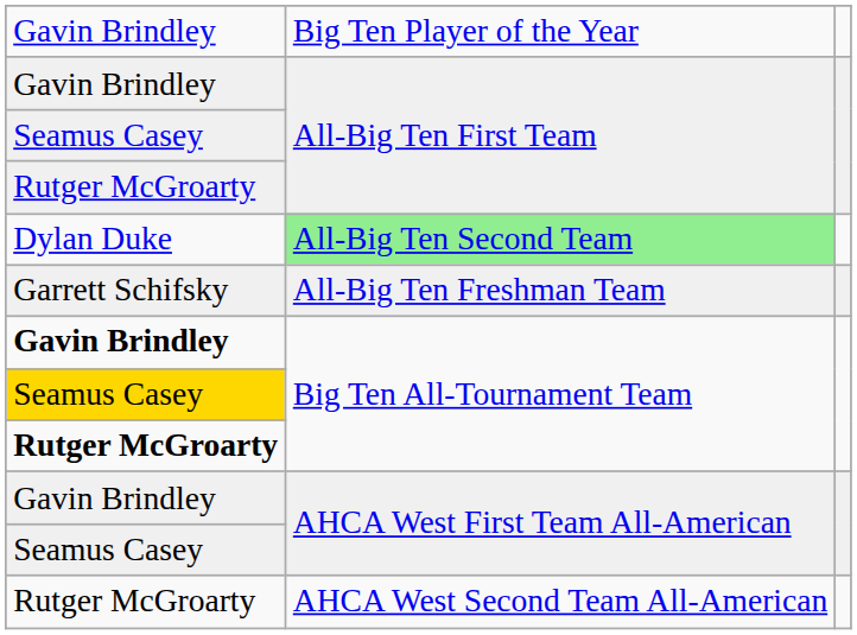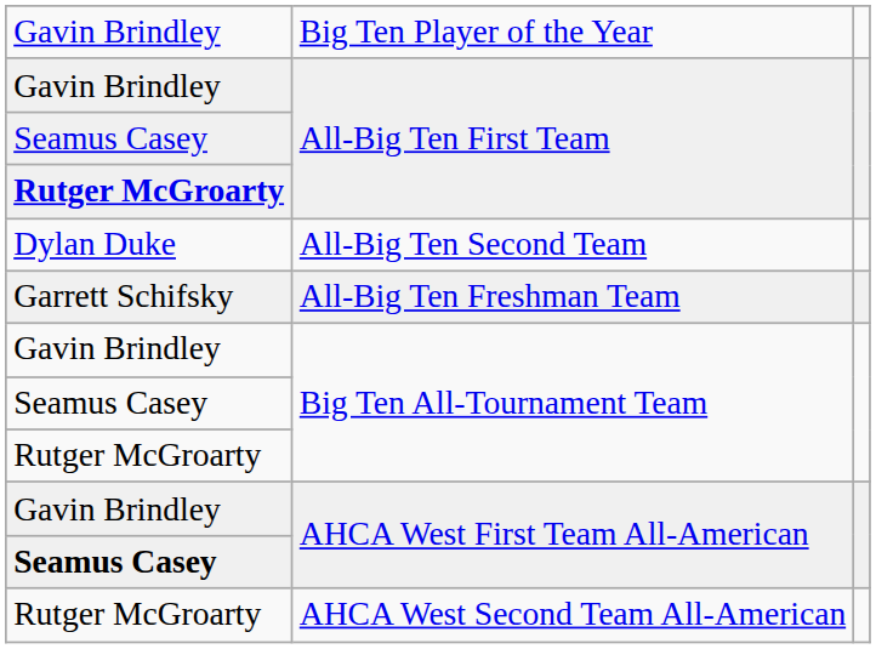 <table class="wikitable">
 <tr>
 <td><a href='#'>Gavin Brindley</a></td>
 <td><a href='#'>Big Ten Player of the Year</a></td>
 <td></td>
 </tr>
 <tr bgcolor=f0f0f0>
 <td>Gavin Brindley</td>
 <td rowspan=3><a href='#'>All-Big Ten First Team</a></td>
 <td rowspan=3></td>
 </tr>
 <tr bgcolor=f0f0f0>
 <td><a href='#'>Seamus Casey</a></td>
 </tr>
 <tr bgcolor=f0f0f0>
-<td><a href='#'>Rutger McGroarty</a></td>
+<td><strong><a href='#'>Rutger McGroarty</a></strong></td>
 </tr>
 <tr>
 <td><a href='#'>Dylan Duke</a></td>
-<td style="background: lightgreen;"><a href='#'>All-Big Ten Second Team</a></td>
+<td><a href='#'>All-Big Ten Second Team</a></td>
 <td></td>
 </tr>
 <tr bgcolor=f0f0f0>
 <td>Garrett Schifsky</td>
 <td><a href='#'>All-Big Ten Freshman Team</a></td>
 <td></td>
 </tr>
 <tr>
-<td><strong>Gavin Brindley</strong></td>
+<td>Gavin Brindley</td>
 <td rowspan=3><a href='#'>Big Ten All-Tournament Team</a></td>
 <td rowspan=3></td>
 </tr>
 <tr>
-<td style="background: gold;">Seamus Casey</td>
+<td>Seamus Casey</td>
 </tr>
 <tr>
-<td><strong>Rutger McGroarty</strong></td>
+<td>Rutger McGroarty</td>
 </tr>
 <tr bgcolor=f0f0f0>
 <td>Gavin Brindley</td>
 <td rowspan=2><a href='#'>AHCA West First Team All-American</a></td>
 <td rowspan=2></td>
 </tr>
 <tr bgcolor=f0f0f0>
-<td>Seamus Casey</td>
+<td><strong>Seamus Casey</strong></td>
 </tr>
 <tr>
 <td>Rutger McGroarty</td>
 <td rowspan=1><a href='#'>AHCA West Second Team All-American</a></td>
 <td rowspan=1></td>
 </tr>
 </table>
